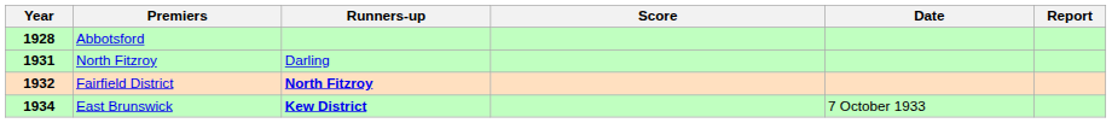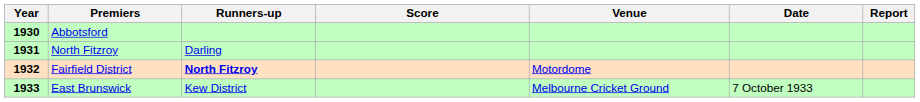 <table class="wikitable sortable" style="text-align:left; text-valign:center">
 <tr>
 <th width=3%>Year</th>
 <th width=10%>Premiers</th>
 <th width=10%>Runners-up</th>
 <th width=16%>Score</th>
+<th width=15%>Venue</th>
 <th width=10%; class=unsortable>Date</th>
 <th width=2%; class=unsortable>Report</th>
 </tr>
 <tr style="background:#C0FFC0;">
-<td align="center"><strong>1928</strong></td>
+<td align="center"><strong>1930</strong></td>
 <td><a href='#'>Abbotsford</a></td>
 <td></td>
 <td align=center></td>
+<td></td>
 <td></td>
 <td align=center></td>
 </tr>
 <tr style="background:#C0FFC0;">
 <td align="center"><strong>1931</strong></td>
 <td><a href='#'>North Fitzroy</a></td>
 <td><a href='#'>Darling</a></td>
 <td align=center></td>
 <td></td>
+<td></td>
 <td align=center></td>
 </tr>
 <tr style="background:#FFE0C0;">
 <td align="center"><strong>1932</strong></td>
 <td><a href='#'>Fairfield District</a></td>
 <td><strong><a href='#'>North Fitzroy</a></strong></td>
 <td align=center></td>
+<td><a href='#'>Motordome</a></td>
 <td></td>
 <td align=center></td>
 </tr>
 <tr style="background:#C0FFC0;">
-<td align="center"><strong>1934</strong></td>
+<td align="center"><strong>1933</strong></td>
 <td><a href='#'>East Brunswick</a></td>
-<td><strong><a href='#'>Kew District</a></strong></td>
+<td><a href='#'>Kew District</a></td>
 <td align=center></td>
+<td><a href='#'>Melbourne Cricket Ground</a></td>
 <td>7 October 1933</td>
 <td align=center></td>
 </tr>
 </table>
